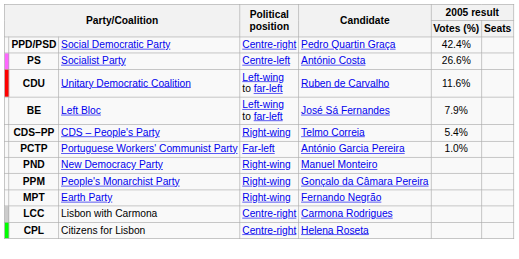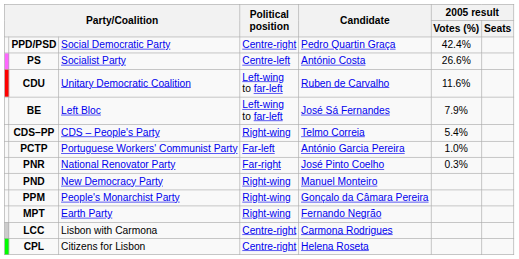 <table class="wikitable">
 <tr>
 <th colspan="3" rowspan="2">Party/Coalition</th>
 <th rowspan="2">Political<br>position</th>
 <th rowspan="2">Candidate</th>
 <th colspan="2">2005 result</th>
 </tr>
 <tr>
 <th>Votes (%)</th>
 <th>Seats</th>
 </tr>
 <tr>
 <td style="color:inherit;background:"></td>
 <td style="text-align:center;"><strong>PPD/PSD</strong></td>
 <td><a href='#'>Social Democratic Party</a><br></td>
 <td><a href='#'>Centre-right</a></td>
 <td><a href='#'>Pedro Quartin Graça</a></td>
 <td style="text-align:center;">42.4%</td>
 <td></td>
 </tr>
 <tr>
 <td style="background:#FF66FF;"></td>
 <td style="text-align:center;"><strong>PS</strong></td>
 <td><a href='#'>Socialist Party</a><br></td>
 <td><a href='#'>Centre-left</a></td>
 <td><a href='#'>António Costa</a></td>
 <td style="text-align:center;">26.6%</td>
 <td></td>
 </tr>
 <tr>
 <td style="background:#f00;"></td>
 <td style="text-align:center;"><strong>CDU</strong></td>
 <td><a href='#'>Unitary Democratic Coalition</a><br> </td>
 <td><a href='#'>Left-wing</a><br>to <a href='#'>far-left</a></td>
 <td><a href='#'>Ruben de Carvalho</a></td>
 <td style="text-align:center;">11.6%</td>
 <td></td>
 </tr>
 <tr>
 <td style="color:inherit;background:"></td>
 <td style="text-align:center;"><strong>BE</strong></td>
 <td><a href='#'>Left Bloc</a><br></td>
 <td><a href='#'>Left-wing</a><br>to <a href='#'>far-left</a></td>
 <td><a href='#'>José Sá Fernandes</a></td>
 <td style="text-align:center;">7.9%</td>
 <td></td>
 </tr>
 <tr>
 <td style="color:inherit;background:"></td>
 <td style="text-align:center;"><strong>CDS–PP</strong></td>
 <td><a href='#'>CDS – People's Party</a><br></td>
 <td><a href='#'>Right-wing</a></td>
 <td><a href='#'>Telmo Correia</a></td>
 <td style="text-align:center;">5.4%</td>
 <td></td>
 </tr>
 <tr>
 <td style="color:inherit;background:"></td>
 <td style="text-align:center;"><strong>PCTP</strong></td>
 <td><a href='#'>Portuguese Workers' Communist Party</a><br></td>
 <td><a href='#'>Far-left</a></td>
 <td><a href='#'>António Garcia Pereira</a></td>
 <td style="text-align:center;">1.0%</td>
 <td></td>
 </tr>
 <tr>
 <td style="color:inherit;background:"></td>
+<td style="text-align:center;"><strong>PNR</strong></td>
+<td><a href='#'>National Renovator Party</a><br></td>
+<td><a href='#'>Far-right</a></td>
+<td><a href='#'>José Pinto Coelho</a></td>
+<td style="text-align:center;">0.3%</td>
+<td></td>
+</tr>
+<tr>
+<td style="color:inherit;background:"></td>
 <td style="text-align:center;"><strong>PND</strong></td>
 <td><a href='#'>New Democracy Party</a><br></td>
 <td><a href='#'>Right-wing</a></td>
 <td><a href='#'>Manuel Monteiro</a></td>
 <td></td>
 <td></td>
 </tr>
 <tr>
 <td style="color:inherit;background:"></td>
 <td style="text-align:center;"><strong>PPM</strong></td>
 <td><a href='#'>People's Monarchist Party</a><br></td>
 <td><a href='#'>Right-wing</a></td>
 <td><a href='#'>Gonçalo da Câmara Pereira</a></td>
 <td></td>
 <td></td>
 </tr>
 <tr>
 <td style="color:inherit;background:"></td>
 <td style="text-align:center;"><strong>MPT</strong></td>
 <td><a href='#'>Earth Party</a><br></td>
 <td><a href='#'>Right-wing</a></td>
 <td><a href='#'>Fernando Negrão</a></td>
 <td></td>
 <td></td>
 </tr>
 <tr>
 <td style="background:#CCCCCC;"></td>
 <td style="text-align:center;"><strong>LCC</strong></td>
 <td>Lisbon with Carmona<br></td>
 <td><a href='#'>Centre-right</a></td>
 <td><a href='#'>Carmona Rodrigues</a></td>
 <td></td>
 <td></td>
 </tr>
 <tr>
 <td style="background:#00FF00;"></td>
 <td style="text-align:center;"><strong>CPL</strong></td>
 <td>Citizens for Lisbon<br></td>
 <td><a href='#'>Centre-right</a></td>
 <td><a href='#'>Helena Roseta</a></td>
 <td></td>
 <td></td>
 </tr>
 </table>
